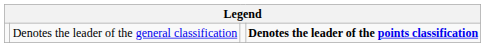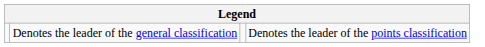 <table class="wikitable">
 <tr>
 <th scope="col" colspan="4">Legend</th>
 </tr>
 <tr>
 <td></td>
 <td>Denotes the leader of the <a href='#'>general classification</a></td>
 <td></td>
-<td><strong>Denotes the leader of the <a href='#'>points classification</a></strong></td>
+<td>Denotes the leader of the <a href='#'>points classification</a></td>
 </tr>
 </table>
